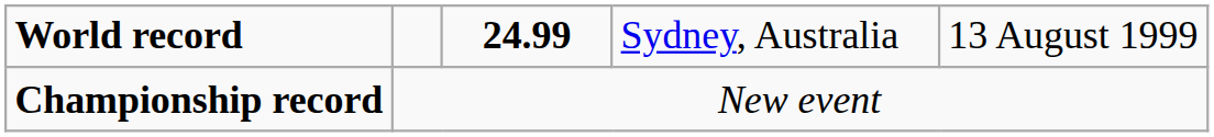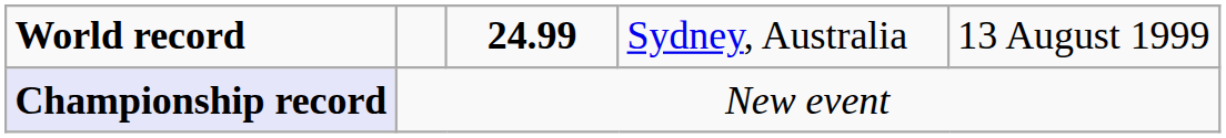 <table class="wikitable">
 <tr>
 <td><strong>World record</strong></td>
 <td style="padding-right:1em"></td>
 <td style="text-align:center;padding-left:1em; padding-right:1em;"><strong>24.99</strong></td>
 <td style="padding-right:1em"><a href='#'>Sydney</a>, Australia</td>
 <td align=right>13 August 1999</td>
 </tr>
 <tr>
-<td><strong>Championship record</strong></td>
+<td style="background: lavender;"><strong>Championship record</strong></td>
 <td colspan="5" style="text-align:center;"><em>New event</em></td>
 </tr>
 </table>
